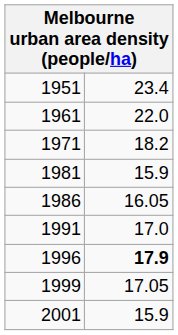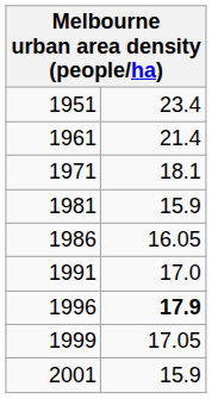 <table class="wikitable collapsible collapsed" style="float:right; clear:right; margin:10px; text-size:60%; text-align:right;">
 <tr>
 <th align=center colspan=3><strong>Melbourne<br>urban area density<br>(people/<a href='#'>ha</a>)</strong></th>
 </tr>
 <tr>
 <td>1951</td>
 <td>23.4</td>
 </tr>
 <tr>
 <td>1961</td>
-<td>22.0</td>
+<td>21.4</td>
 </tr>
 <tr>
 <td>1971</td>
-<td>18.2</td>
+<td>18.1</td>
 </tr>
 <tr>
 <td>1981</td>
 <td>15.9</td>
 </tr>
 <tr>
 <td>1986</td>
 <td>16.05</td>
 </tr>
 <tr>
 <td>1991</td>
 <td>17.0</td>
 </tr>
 <tr>
 <td>1996</td>
 <td><strong>17.9</strong></td>
 </tr>
 <tr>
 <td>1999</td>
 <td>17.05</td>
 </tr>
 <tr>
 <td>2001</td>
 <td>15.9</td>
 </tr>
 </table>
